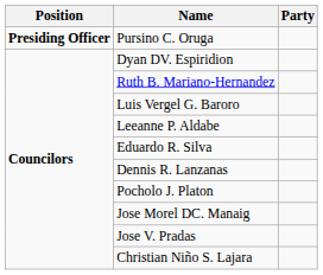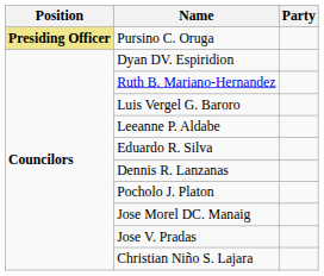 <table class=wikitable>
 <tr>
 <th>Position</th>
 <th>Name</th>
 <th colspan=2>Party</th>
 </tr>
 <tr>
-<td><strong>Presiding Officer</strong></td>
+<td style="background: khaki;"><strong>Presiding Officer</strong></td>
 <td>Pursino C. Oruga</td>
 <td></td>
 </tr>
 <tr>
 <td rowspan=10><strong>Councilors</strong></td>
 <td>Dyan DV. Espiridion</td>
 <td></td>
 </tr>
 <tr>
 <td><a href='#'>Ruth B. Mariano-Hernandez</a></td>
 <td></td>
 </tr>
 <tr>
 <td>Luis Vergel G. Baroro</td>
 <td></td>
 </tr>
 <tr>
 <td>Leeanne P. Aldabe</td>
 <td></td>
 </tr>
 <tr>
 <td>Eduardo R. Silva</td>
 <td></td>
 </tr>
 <tr>
 <td>Dennis R. Lanzanas</td>
 <td></td>
 </tr>
 <tr>
 <td>Pocholo J. Platon</td>
 <td></td>
 </tr>
 <tr>
 <td>Jose Morel DC. Manaig</td>
 <td></td>
 </tr>
 <tr>
 <td>Jose V. Pradas</td>
 <td></td>
 </tr>
 <tr>
 <td>Christian Niño S. Lajara</td>
 <td></td>
 </tr>
 </table>
